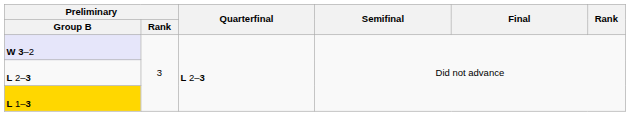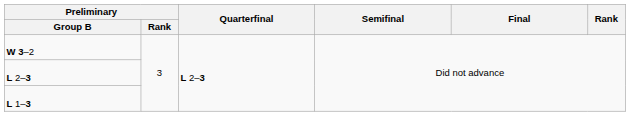 <table class="wikitable" style="text-align:left; font-size:90%">
 <tr>
 <th colspan=2>Preliminary</th>
 <th rowspan=2 width=200>Quarterfinal</th>
 <th rowspan=2 width=200>Semifinal</th>
 <th rowspan=2 width=200>Final</th>
 <th rowspan=2 width=50>Rank</th>
 </tr>
 <tr>
 <th width=200>Group B</th>
 <th width=50>Rank</th>
 </tr>
 <tr>
-<td style="background: lavender;"><br><strong>W</strong> <strong>3</strong>–2</td>
+<td><br><strong>W</strong> <strong>3</strong>–2</td>
 <td rowspan=3 align=center>3</td>
 <td rowspan=3> <br><strong>L</strong> 2–<strong>3</strong></td>
 <td rowspan=3 colspan=3 align=center>Did not advance</td>
 </tr>
 <tr>
 <td> <br> <strong>L</strong> 2–<strong>3</strong></td>
 </tr>
 <tr>
-<td style="background: gold;"> <br> <strong>L</strong> 1–<strong>3</strong></td>
+<td> <br> <strong>L</strong> 1–<strong>3</strong></td>
 </tr>
 </table>
